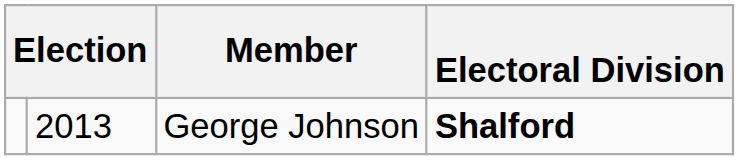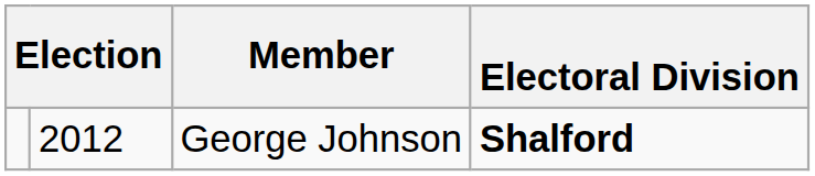 <table class="wikitable">
 <tr>
 <th colspan="2">Election</th>
 <th>Member</th>
 <th><br>Electoral Division</th>
 </tr>
 <tr>
 <td style="background-color: "></td>
-<td>2013</td>
+<td>2012</td>
 <td>George Johnson</td>
 <td><strong>Shalford</strong></td>
 </tr>
 </table>
